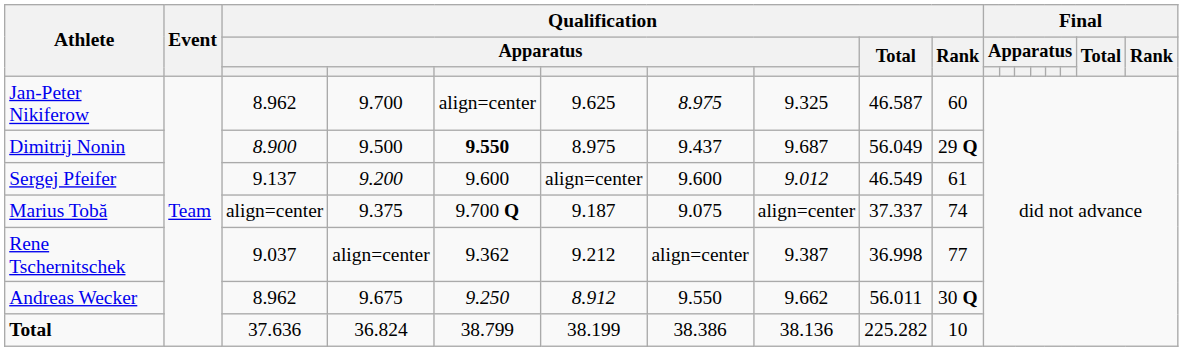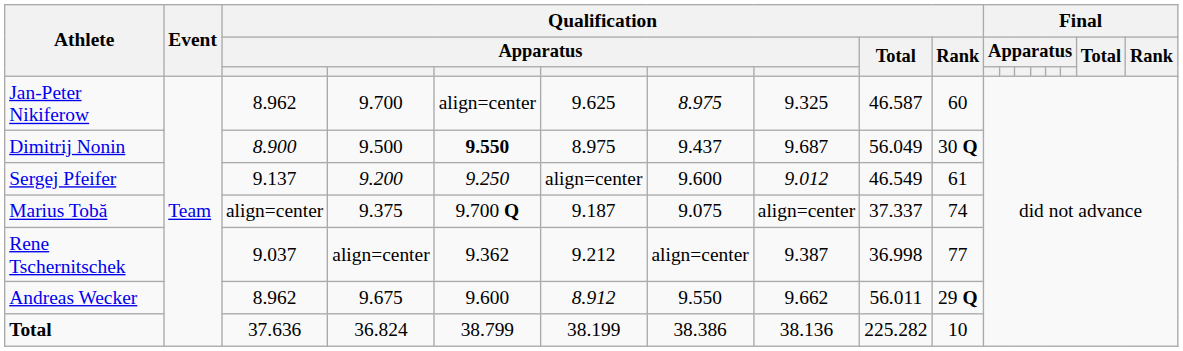 <table class=wikitable style=font-size:90%;text-align:center>
 <tr>
 <th rowspan=3>Athlete</th>
 <th rowspan=3>Event</th>
 <th colspan=8>Qualification</th>
 <th colspan=8>Final</th>
 </tr>
 <tr style=font-size:95%>
 <th colspan=6>Apparatus</th>
 <th rowspan=2>Total</th>
 <th rowspan=2>Rank</th>
 <th colspan=6>Apparatus</th>
 <th rowspan=2>Total</th>
 <th rowspan=2>Rank</th>
 </tr>
 <tr style=font-size:95%>
 <th></th>
 <th></th>
 <th></th>
 <th></th>
 <th></th>
 <th></th>
 <th></th>
 <th></th>
 <th></th>
 <th></th>
 <th></th>
 <th></th>
 </tr>
 <tr>
 <td align=left><a href='#'>Jan-Peter Nikiferow</a></td>
 <td align=left rowspan=7><a href='#'>Team</a></td>
 <td align=center>8.962</td>
 <td align=center>9.700</td>
 <td>align=center </td>
 <td align=center>9.625</td>
 <td align=center><em>8.975</em></td>
 <td align=center>9.325</td>
 <td align=center>46.587</td>
 <td align=center>60</td>
 <td align=center colspan=8 rowspan=7>did not advance</td>
 </tr>
 <tr>
 <td align=left><a href='#'>Dimitrij Nonin</a></td>
 <td align=center><em>8.900</em></td>
 <td align=center>9.500</td>
 <td align=center><strong>9.550</strong></td>
 <td align=center>8.975</td>
 <td align=center>9.437</td>
 <td align=center>9.687</td>
 <td align=center>56.049</td>
-<td align=center>29 <strong>Q</strong></td>
+<td align=center>30 <strong>Q</strong></td>
 </tr>
 <tr>
 <td align=left><a href='#'>Sergej Pfeifer</a></td>
 <td align=center>9.137</td>
 <td align=center><em>9.200</em></td>
-<td align=center>9.600</td>
+<td align=center><em>9.250</em></td>
 <td>align=center </td>
 <td align=center>9.600</td>
 <td align=center><em>9.012</em></td>
 <td align=center>46.549</td>
 <td align=center>61</td>
 </tr>
 <tr>
 <td align=left><a href='#'>Marius Tobă</a></td>
 <td>align=center </td>
 <td align=center>9.375</td>
 <td align=center>9.700 <strong>Q</strong></td>
 <td align=center>9.187</td>
 <td align=center>9.075</td>
 <td>align=center </td>
 <td align=center>37.337</td>
 <td align=center>74</td>
 </tr>
 <tr>
 <td align=left><a href='#'>Rene Tschernitschek</a></td>
 <td align=center>9.037</td>
 <td>align=center </td>
 <td align=center>9.362</td>
 <td align=center>9.212</td>
 <td>align=center </td>
 <td align=center>9.387</td>
 <td align=center>36.998</td>
 <td align=center>77</td>
 </tr>
 <tr>
 <td align=left><a href='#'>Andreas Wecker</a></td>
 <td align=center>8.962</td>
 <td align=center>9.675</td>
-<td align=center><em>9.250</em></td>
+<td align=center>9.600</td>
 <td align=center><em>8.912</em></td>
 <td align=center>9.550</td>
 <td align=center>9.662</td>
 <td align=center>56.011</td>
-<td align=center>30 <strong>Q</strong></td>
+<td align=center>29 <strong>Q</strong></td>
 </tr>
 <tr>
 <td align=left><strong>Total</strong></td>
 <td align=center>37.636</td>
 <td align=center>36.824</td>
 <td align=center>38.799</td>
 <td align=center>38.199</td>
 <td align=center>38.386</td>
 <td align=center>38.136</td>
 <td align=center>225.282</td>
 <td>10</td>
 </tr>
 </table>
